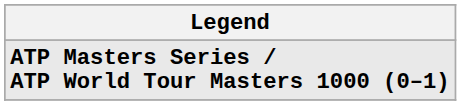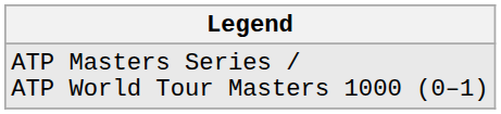 <table class=wikitable style=font-size:97%>
 <tr>
 <th>Legend</th>
 </tr>
 <tr style="background:#e9e9e9;">
-<td><strong>ATP Masters Series /<br>ATP World Tour Masters 1000 (0–1)</strong></td>
+<td>ATP Masters Series /<br>ATP World Tour Masters 1000 (0–1)</td>
 </tr>
 </table>
